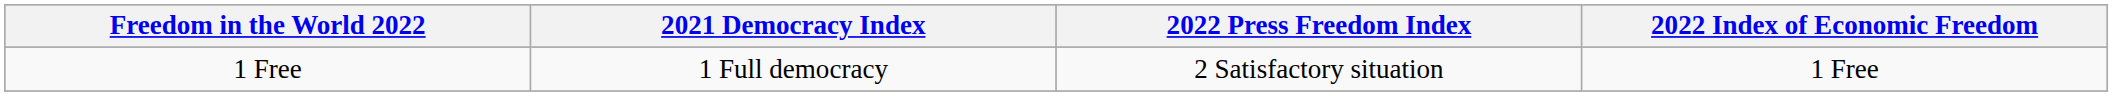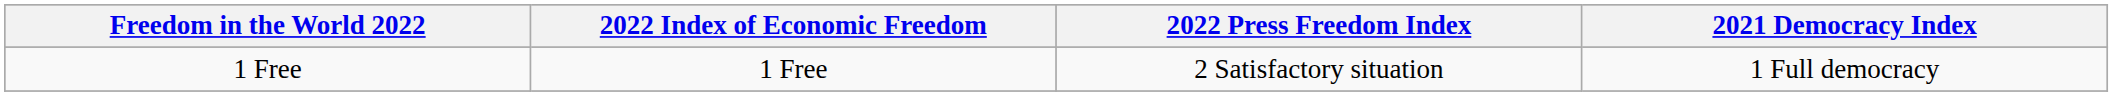 <table class="wikitable sortable" style="text-align:center;">
 <tr>
 <th style="width:19%;"><a href='#'>Freedom in the World 2022</a></th>
+<th style="width:19%;"><a href='#'>2022 Index of Economic Freedom</a></th>
+<th style="width:19%;"><a href='#'>2022 Press Freedom Index</a></th>
 <th style="width:19%;"><a href='#'>2021 Democracy Index</a></th>
-<th style="width:19%;"><a href='#'>2022 Press Freedom Index</a></th>
-<th style="width:19%;"><a href='#'>2022 Index of Economic Freedom</a></th>
 </tr>
 <tr>
 <td><span>1</span> Free</td>
+<td><span>1</span> Free</td>
+<td><span>2</span> Satisfactory situation</td>
 <td><span>1</span> Full democracy</td>
-<td><span>2</span> Satisfactory situation</td>
-<td><span>1</span> Free</td>
 </tr>
 </table>
